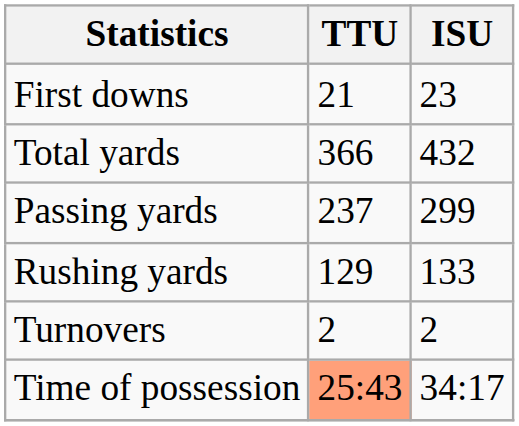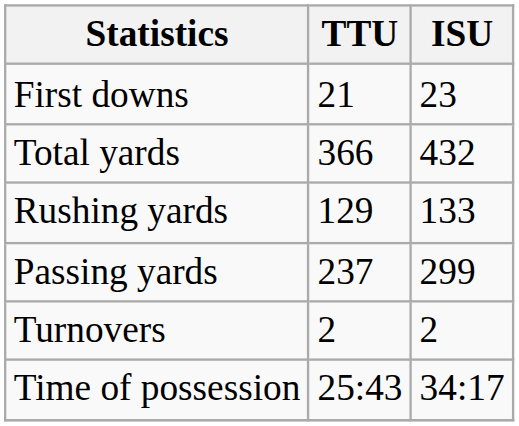 <table class="wikitable" style="float: left;">
 <tr>
 <th>Statistics</th>
 <th>TTU</th>
 <th>ISU</th>
 </tr>
 <tr>
 <td>First downs</td>
 <td>21</td>
 <td>23</td>
 </tr>
 <tr>
 <td>Total yards</td>
 <td>366</td>
 <td>432</td>
 </tr>
 <tr>
+<td>Rushing yards</td>
+<td>129</td>
+<td>133</td>
+</tr>
+<tr>
 <td>Passing yards</td>
 <td>237</td>
 <td>299</td>
-</tr>
-<tr>
-<td>Rushing yards</td>
-<td>129</td>
-<td>133</td>
 </tr>
 <tr>
 <td>Turnovers</td>
 <td>2</td>
 <td>2</td>
 </tr>
 <tr>
 <td>Time of possession</td>
-<td style="background: lightsalmon;">25:43</td>
+<td>25:43</td>
 <td>34:17</td>
 </tr>
 <tr>
 </tr>
 </table>
